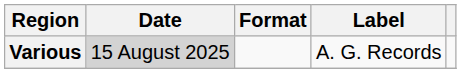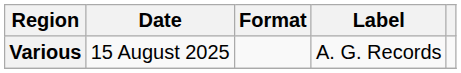 <table class="wikitable plainrowheaders">
 <tr>
 <th scope="col">Region</th>
 <th scope="col">Date</th>
 <th scope="col">Format</th>
 <th scope="col">Label</th>
 <th scope="col"></th>
 </tr>
 <tr>
 <th scope="row">Various</th>
-<td style="background: lightgrey;">15 August 2025</td>
+<td>15 August 2025</td>
 <td></td>
 <td>A. G. Records</td>
 <td></td>
 </tr>
 <tr>
 </tr>
 </table>
